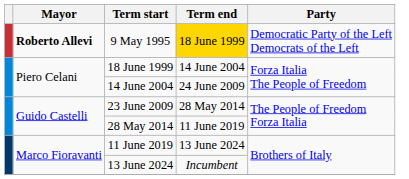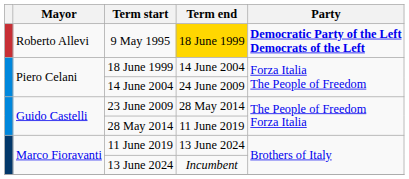 <table class="wikitable">
 <tr>
 <th class=unsortable> </th>
 <th>Mayor</th>
 <th>Term start</th>
 <th>Term end</th>
 <th>Party</th>
 </tr>
 <tr>
 <th style="background:#C72F35;"></th>
-<td><strong>Roberto Allevi</strong></td>
+<td>Roberto Allevi</td>
 <td align=center>9 May 1995</td>
 <td align=center style="background: gold;">18 June 1999</td>
-<td><a href='#'>Democratic Party of the Left</a><br><a href='#'>Democrats of the Left</a></td>
+<td><strong><a href='#'>Democratic Party of the Left</a><br><a href='#'>Democrats of the Left</a></strong></td>
 </tr>
 <tr>
 <th rowspan=2 style="background:#0087DC;"></th>
 <td rowspan=2>Piero Celani</td>
 <td align=center>18 June 1999</td>
 <td align=center>14 June 2004</td>
 <td rowspan=2><a href='#'>Forza Italia</a><br><a href='#'>The People of Freedom</a></td>
 </tr>
 <tr>
 <td align=center>14 June 2004</td>
 <td align=center>24 June 2009</td>
 </tr>
 <tr>
 <th rowspan=2 style="background:#0087DC;"></th>
 <td rowspan=2><a href='#'>Guido Castelli</a></td>
 <td align=center>23 June 2009</td>
 <td align=center>28 May 2014</td>
 <td rowspan=2><a href='#'>The People of Freedom</a><br><a href='#'>Forza Italia</a></td>
 </tr>
 <tr>
 <td align=center>28 May 2014</td>
 <td align=center>11 June 2019</td>
 </tr>
 <tr>
 <th rowspan=2 style="background:#03386A;"></th>
 <td rowspan=2><a href='#'>Marco Fioravanti</a></td>
 <td align=center>11 June 2019</td>
 <td align=center>13 June 2024</td>
 <td rowspan=2><a href='#'>Brothers of Italy</a></td>
 </tr>
 <tr>
 <td align=center>13 June 2024</td>
 <td align=center><em>Incumbent</em></td>
 </tr>
 <tr>
 </tr>
 </table>
